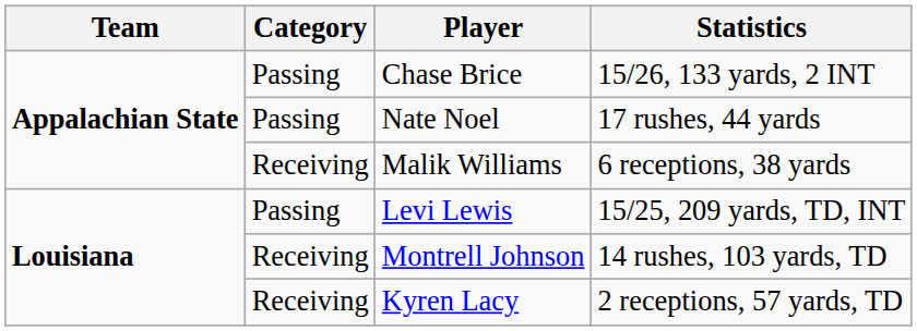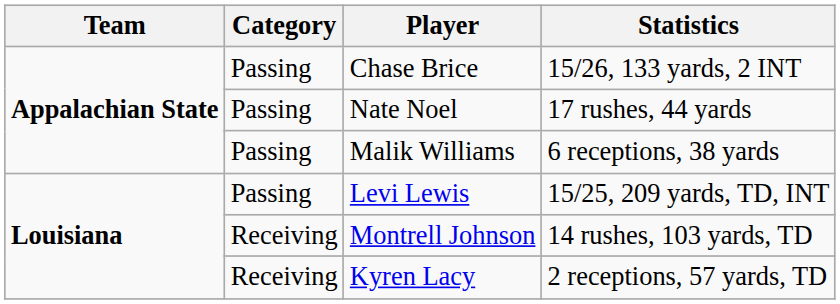 <table class="wikitable" style="float: left;">
 <tr>
 <th>Team</th>
 <th>Category</th>
 <th>Player</th>
 <th>Statistics</th>
 </tr>
 <tr>
 <td rowspan=3><strong>Appalachian State</strong></td>
 <td>Passing</td>
 <td>Chase Brice</td>
 <td>15/26, 133 yards, 2 INT</td>
 </tr>
 <tr>
 <td>Passing</td>
 <td>Nate Noel</td>
 <td>17 rushes, 44 yards</td>
 </tr>
 <tr>
-<td>Receiving</td>
+<td>Passing</td>
 <td>Malik Williams</td>
 <td>6 receptions, 38 yards</td>
 </tr>
 <tr>
 <td rowspan=3><strong>Louisiana</strong></td>
 <td>Passing</td>
 <td><a href='#'>Levi Lewis</a></td>
 <td>15/25, 209 yards, TD, INT</td>
 </tr>
 <tr>
 <td>Receiving</td>
 <td><a href='#'>Montrell Johnson</a></td>
 <td>14 rushes, 103 yards, TD</td>
 </tr>
 <tr>
 <td>Receiving</td>
 <td><a href='#'>Kyren Lacy</a></td>
 <td>2 receptions, 57 yards, TD</td>
 </tr>
 </table>
